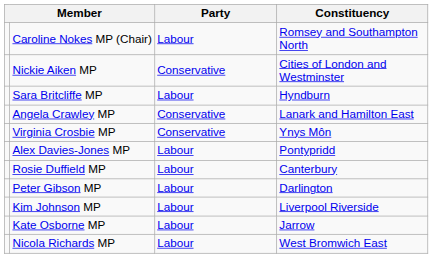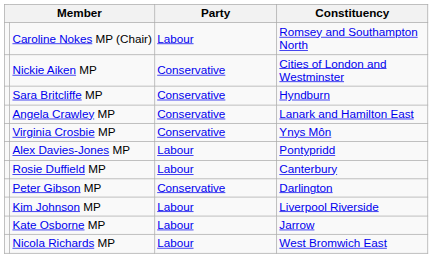 <table class="wikitable">
 <tr>
 <th colspan="2" width="160px" valign="top">Member</th>
 <th width="160px" valign="top">Party</th>
 <th width="200px" valign="top">Constituency</th>
 </tr>
 <tr>
 <td style="color:inherit;background:"></td>
 <td><a href='#'>Caroline Nokes</a> MP (Chair)</td>
 <td><a href='#'>Labour</a></td>
 <td><a href='#'>Romsey and Southampton North</a></td>
 </tr>
 <tr>
 <td style="color:inherit;background:"></td>
 <td><a href='#'>Nickie Aiken</a> MP</td>
 <td><a href='#'>Conservative</a></td>
 <td><a href='#'>Cities of London and Westminster</a></td>
 </tr>
 <tr>
 <td style="color:inherit;background:"></td>
 <td><a href='#'>Sara Britcliffe</a> MP</td>
-<td><a href='#'>Labour</a></td>
+<td><a href='#'>Conservative</a></td>
 <td><a href='#'>Hyndburn</a></td>
 </tr>
 <tr>
 <td style="color:inherit;background:"></td>
 <td><a href='#'>Angela Crawley</a> MP</td>
 <td><a href='#'>Conservative</a></td>
 <td><a href='#'>Lanark and Hamilton East</a></td>
 </tr>
 <tr>
 <td style="color:inherit;background:"></td>
 <td><a href='#'>Virginia Crosbie</a> MP</td>
 <td><a href='#'>Conservative</a></td>
 <td><a href='#'>Ynys Môn</a></td>
 </tr>
 <tr>
 <td style="color:inherit;background:"></td>
 <td><a href='#'>Alex Davies-Jones</a> MP</td>
 <td><a href='#'>Labour</a></td>
 <td><a href='#'>Pontypridd</a></td>
 </tr>
 <tr>
 <td style="color:inherit;background:"></td>
 <td><a href='#'>Rosie Duffield</a> MP</td>
 <td><a href='#'>Labour</a></td>
 <td><a href='#'>Canterbury</a></td>
 </tr>
 <tr>
 <td style="color:inherit;background:"></td>
 <td><a href='#'>Peter Gibson</a> MP</td>
-<td><a href='#'>Labour</a></td>
+<td><a href='#'>Conservative</a></td>
 <td><a href='#'>Darlington</a></td>
 </tr>
 <tr>
 <td style="color:inherit;background:"></td>
 <td><a href='#'>Kim Johnson</a> MP</td>
 <td><a href='#'>Labour</a></td>
 <td><a href='#'>Liverpool Riverside</a></td>
 </tr>
 <tr>
 <td style="color:inherit;background:"></td>
 <td><a href='#'>Kate Osborne</a> MP</td>
 <td><a href='#'>Labour</a></td>
 <td><a href='#'>Jarrow</a></td>
 </tr>
 <tr>
 <td style="color:inherit;background:"></td>
 <td><a href='#'>Nicola Richards</a> MP</td>
 <td><a href='#'>Labour</a></td>
 <td><a href='#'>West Bromwich East</a></td>
 </tr>
 </table>
